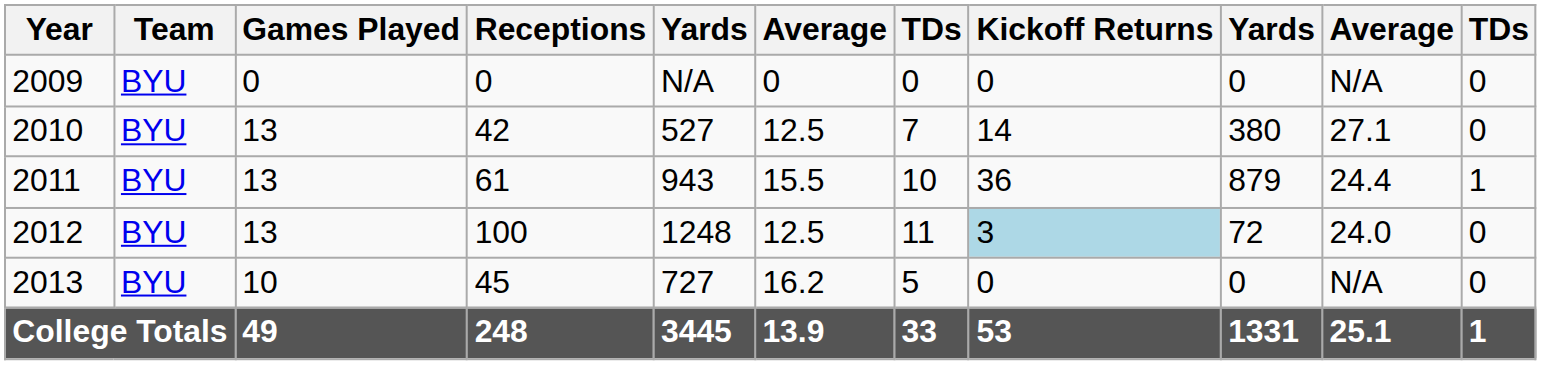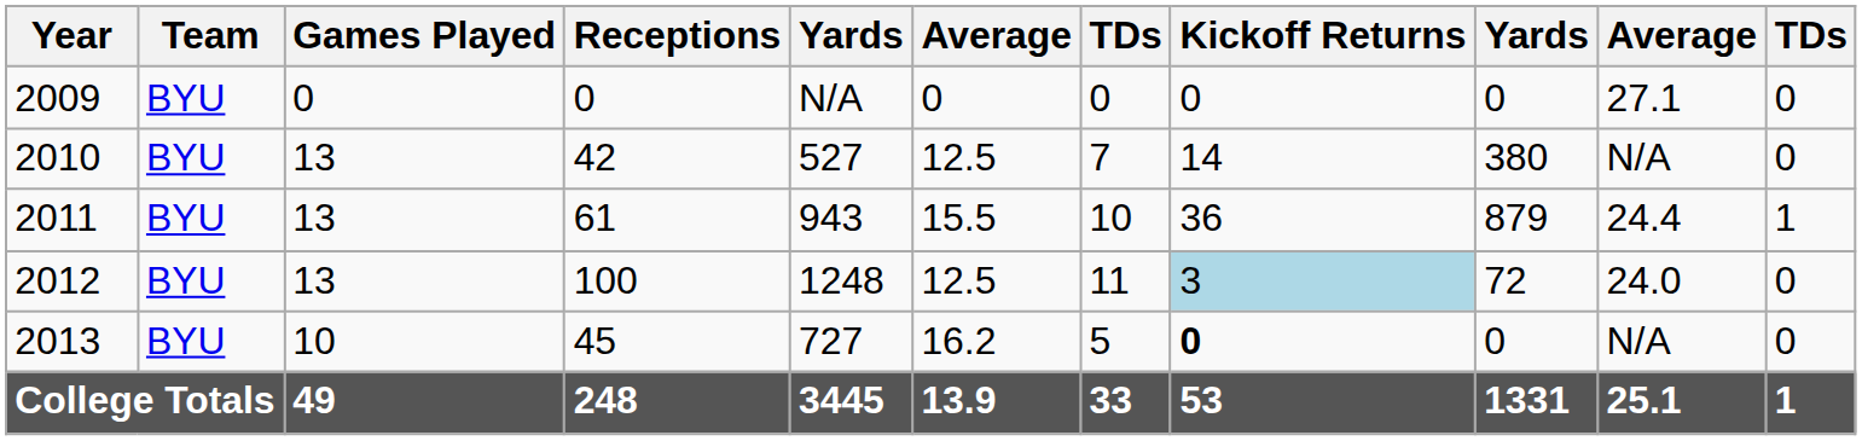 <table class="wikitable">
 <tr>
 <th>Year</th>
 <th>Team</th>
 <th>Games Played</th>
 <th>Receptions</th>
 <th>Yards</th>
 <th>Average</th>
 <th>TDs</th>
 <th>Kickoff Returns</th>
 <th>Yards</th>
 <th>Average</th>
 <th>TDs</th>
 </tr>
 <tr>
 <td>2009</td>
 <td><a href='#'>BYU</a></td>
 <td>0</td>
 <td>0</td>
 <td>N/A</td>
 <td>0</td>
 <td>0</td>
 <td>0</td>
 <td>0</td>
-<td>N/A</td>
+<td>27.1</td>
 <td>0</td>
 </tr>
 <tr>
 <td>2010</td>
 <td><a href='#'>BYU</a></td>
 <td>13</td>
 <td>42</td>
 <td>527</td>
 <td>12.5</td>
 <td>7</td>
 <td>14</td>
 <td>380</td>
-<td>27.1</td>
+<td>N/A</td>
 <td>0</td>
 </tr>
 <tr>
 <td>2011</td>
 <td><a href='#'>BYU</a></td>
 <td>13</td>
 <td>61</td>
 <td>943</td>
 <td>15.5</td>
 <td>10</td>
 <td>36</td>
 <td>879</td>
 <td>24.4</td>
 <td>1</td>
 </tr>
 <tr>
 <td>2012</td>
 <td><a href='#'>BYU</a></td>
 <td>13</td>
 <td>100</td>
 <td>1248</td>
 <td>12.5</td>
 <td>11</td>
 <td style="background: lightblue;">3</td>
 <td>72</td>
 <td>24.0</td>
 <td>0</td>
 </tr>
 <tr>
 <td>2013</td>
 <td><a href='#'>BYU</a></td>
 <td>10</td>
 <td>45</td>
 <td>727</td>
 <td>16.2</td>
 <td>5</td>
-<td>0</td>
+<td><strong>0</strong></td>
 <td>0</td>
 <td>N/A</td>
 <td>0</td>
 </tr>
 <tr style="background:#555555;font-weight:bold;color:white;">
 <td colspan=2>College Totals</td>
 <td>49</td>
 <td>248</td>
 <td>3445</td>
 <td>13.9</td>
 <td>33</td>
 <td>53</td>
 <td>1331</td>
 <td>25.1</td>
 <td>1</td>
 </tr>
 </table>
